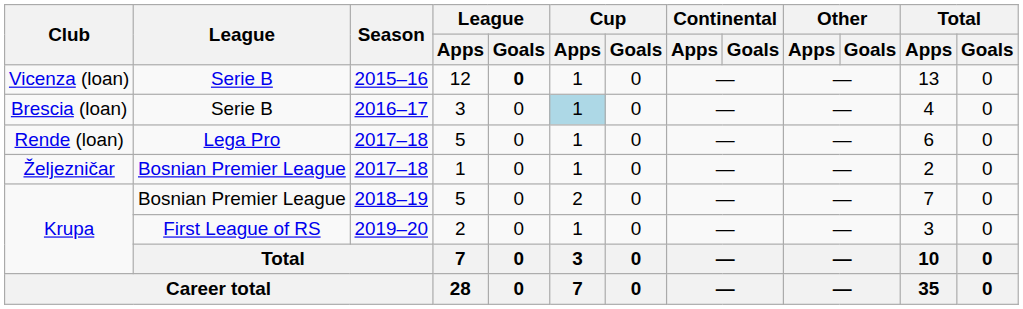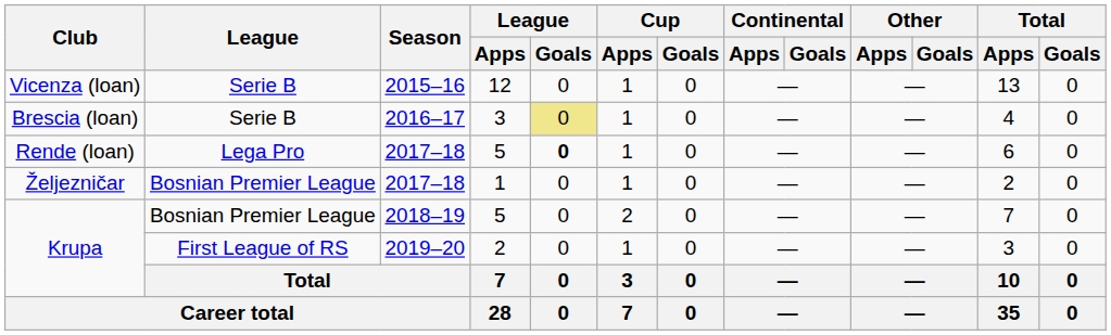 <table class="wikitable" style="text-align: center;">
 <tr>
 <th rowspan="2">Club</th>
 <th rowspan="2">League</th>
 <th rowspan="2">Season</th>
 <th colspan="2">League</th>
 <th colspan="2">Cup</th>
 <th colspan="2">Continental</th>
 <th colspan="2">Other</th>
 <th colspan="2">Total</th>
 </tr>
 <tr>
 <th>Apps</th>
 <th>Goals</th>
 <th>Apps</th>
 <th>Goals</th>
 <th>Apps</th>
 <th>Goals</th>
 <th>Apps</th>
 <th>Goals</th>
 <th>Apps</th>
 <th>Goals</th>
 </tr>
 <tr>
 <td><a href='#'>Vicenza</a> (loan)</td>
 <td><a href='#'>Serie B</a></td>
 <td><a href='#'>2015–16</a></td>
 <td>12</td>
-<td><strong>0</strong></td>
+<td>0</td>
 <td>1</td>
 <td>0</td>
 <td colspan=2>—</td>
 <td colspan=2>—</td>
 <td>13</td>
 <td>0</td>
 </tr>
 <tr>
 <td><a href='#'>Brescia</a> (loan)</td>
 <td>Serie B</td>
 <td><a href='#'>2016–17</a></td>
 <td>3</td>
-<td>0</td>
-<td style="background: lightblue;">1</td>
+<td style="background: khaki;">0</td>
+<td>1</td>
 <td>0</td>
 <td colspan=2>—</td>
 <td colspan=2>—</td>
 <td>4</td>
 <td>0</td>
 </tr>
 <tr>
 <td><a href='#'>Rende</a> (loan)</td>
 <td><a href='#'>Lega Pro</a></td>
 <td><a href='#'>2017–18</a></td>
 <td>5</td>
-<td>0</td>
+<td><strong>0</strong></td>
 <td>1</td>
 <td>0</td>
 <td colspan=2>—</td>
 <td colspan=2>—</td>
 <td>6</td>
 <td>0</td>
 </tr>
 <tr>
 <td><a href='#'>Željezničar</a></td>
 <td><a href='#'>Bosnian Premier League</a></td>
 <td><a href='#'>2017–18</a></td>
 <td>1</td>
 <td>0</td>
 <td>1</td>
 <td>0</td>
 <td colspan=2>—</td>
 <td colspan=2>—</td>
 <td>2</td>
 <td>0</td>
 </tr>
 <tr>
 <td rowspan=3><a href='#'>Krupa</a></td>
 <td>Bosnian Premier League</td>
 <td><a href='#'>2018–19</a></td>
 <td>5</td>
 <td>0</td>
 <td>2</td>
 <td>0</td>
 <td colspan=2>—</td>
 <td colspan=2>—</td>
 <td>7</td>
 <td>0</td>
 </tr>
 <tr>
 <td><a href='#'>First League of RS</a></td>
 <td><a href='#'>2019–20</a></td>
 <td>2</td>
 <td>0</td>
 <td>1</td>
 <td>0</td>
 <td colspan=2>—</td>
 <td colspan=2>—</td>
 <td>3</td>
 <td>0</td>
 </tr>
 <tr>
 <th colspan=2>Total</th>
 <th>7</th>
 <th>0</th>
 <th>3</th>
 <th>0</th>
 <th colspan=2>—</th>
 <th colspan=2>—</th>
 <th>10</th>
 <th>0</th>
 </tr>
 <tr>
 <th colspan=3>Career total</th>
 <th>28</th>
 <th>0</th>
 <th>7</th>
 <th>0</th>
 <th colspan=2>—</th>
 <th colspan=2>—</th>
 <th>35</th>
 <th>0</th>
 </tr>
 </table>
